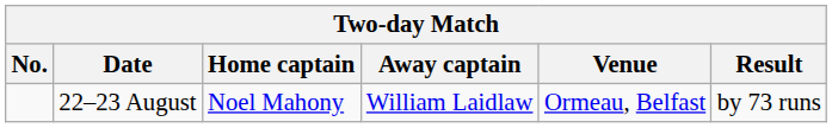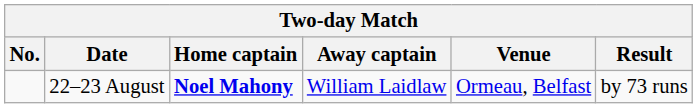 <table class="wikitable">
 <tr>
 <th colspan="9">Two-day Match</th>
 </tr>
 <tr>
 <th>No.</th>
 <th>Date</th>
 <th>Home captain</th>
 <th>Away captain</th>
 <th>Venue</th>
 <th>Result</th>
 </tr>
 <tr>
 <td></td>
 <td>22–23 August</td>
-<td><a href='#'>Noel Mahony</a></td>
+<td><strong><a href='#'>Noel Mahony</a></strong></td>
 <td><a href='#'>William Laidlaw</a></td>
 <td><a href='#'>Ormeau</a>, <a href='#'>Belfast</a></td>
 <td> by 73 runs</td>
 </tr>
 </table>
